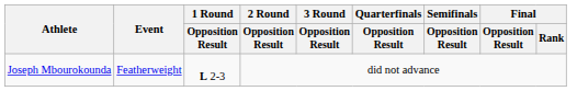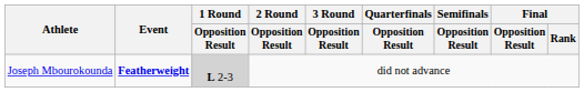 <table class="wikitable" style="font-size:90%">
 <tr>
 <th rowspan="2">Athlete</th>
 <th rowspan="2">Event</th>
 <th>1 Round</th>
 <th>2 Round</th>
 <th>3 Round</th>
 <th>Quarterfinals</th>
 <th>Semifinals</th>
 <th colspan=2>Final</th>
 </tr>
 <tr style="font-size:95%">
 <th>Opposition<br>Result</th>
 <th>Opposition<br>Result</th>
 <th>Opposition<br>Result</th>
 <th>Opposition<br>Result</th>
 <th>Opposition<br>Result</th>
 <th>Opposition<br>Result</th>
 <th>Rank</th>
 </tr>
 <tr align=center>
 <td align=left><a href='#'>Joseph Mbourokounda</a></td>
-<td align=left><a href='#'>Featherweight</a></td>
-<td><br><strong>L</strong> 2-3</td>
+<td align=left><strong><a href='#'>Featherweight</a></strong></td>
+<td style="background: lightgrey;"><br><strong>L</strong> 2-3</td>
 <td colspan=6>did not advance</td>
 </tr>
 </table>
